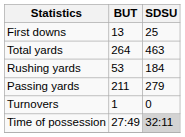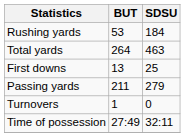 <table class="wikitable">
 <tr>
 <th>Statistics</th>
 <th>BUT</th>
 <th>SDSU</th>
 </tr>
 <tr>
-<td>First downs</td>
-<td>13</td>
-<td>25</td>
+<td>Rushing yards</td>
+<td>53</td>
+<td>184</td>
 </tr>
 <tr>
 <td>Total yards</td>
 <td>264</td>
 <td>463</td>
 </tr>
 <tr>
-<td>Rushing yards</td>
-<td>53</td>
-<td>184</td>
+<td>First downs</td>
+<td>13</td>
+<td>25</td>
 </tr>
 <tr>
 <td>Passing yards</td>
 <td>211</td>
 <td>279</td>
 </tr>
 <tr>
 <td>Turnovers</td>
 <td>1</td>
 <td>0</td>
 </tr>
 <tr>
 <td>Time of possession</td>
 <td>27:49</td>
-<td style="background: lightgrey;">32:11</td>
+<td>32:11</td>
 </tr>
 <tr>
 </tr>
 </table>
